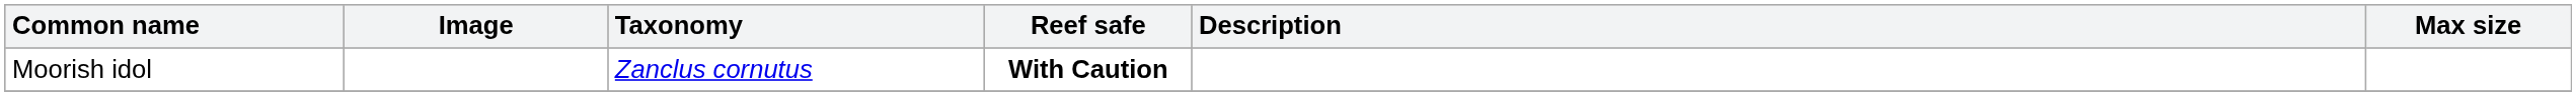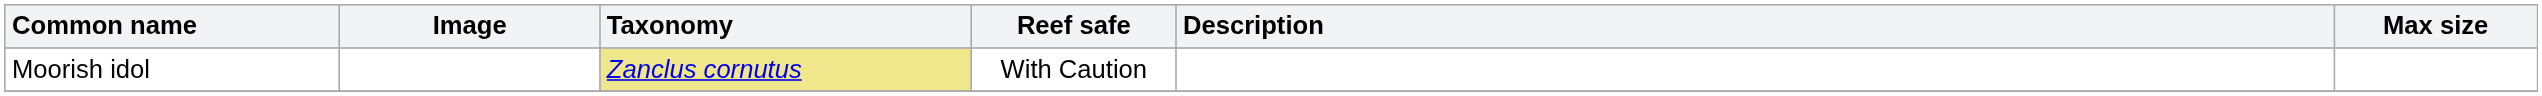 <table class="sortable collapsible" cellpadding="4" width="100%" border="1" style="border:1px solid #aaa; border-collapse:collapse">
 <tr>
 <th align="left" style="background:#F2F3F4" width="170px">Common name</th>
 <th style="background:#F2F3F4" width="130px" class="unsortable">Image</th>
 <th align="left" style="background:#F2F3F4" width="190px">Taxonomy</th>
 <th style="background:#F2F3F4" width="100px">Reef safe</th>
 <th align="left" style="background:#F2F3F4" width="610px" class="unsortable">Description</th>
 <th style="background:#F2F3F4" width="100px">Max size</th>
 </tr>
 <tr>
 <td>Moorish idol</td>
 <td></td>
-<td><em><a href='#'>Zanclus cornutus</a></em></td>
-<td align="center"><strong>With Caution</strong></td>
+<td style="background: khaki;"><em><a href='#'>Zanclus cornutus</a></em></td>
+<td align="center">With Caution</td>
 <td></td>
 <td align="center"></td>
 </tr>
 <tr>
 </tr>
 </table>
